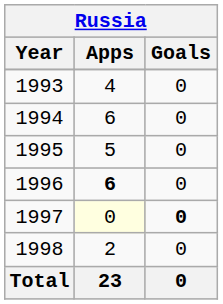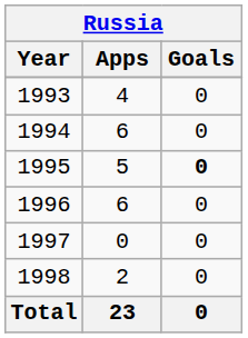 <table class="wikitable" style="text-align:center">
 <tr>
 <th colspan=3><a href='#'>Russia</a></th>
 </tr>
 <tr>
 <th>Year</th>
 <th width="40">Apps</th>
 <th width="40">Goals</th>
 </tr>
 <tr>
 </tr>
 <tr>
 <td>1993</td>
 <td>4</td>
 <td>0</td>
 </tr>
 <tr>
 <td>1994</td>
 <td>6</td>
 <td>0</td>
 </tr>
 <tr>
 <td>1995</td>
 <td>5</td>
-<td>0</td>
+<td><strong>0</strong></td>
 </tr>
 <tr>
 <td>1996</td>
-<td><strong>6</strong></td>
+<td>6</td>
 <td>0</td>
 </tr>
 <tr>
 <td>1997</td>
-<td style="background: lightyellow;">0</td>
-<td><strong>0</strong></td>
+<td>0</td>
+<td>0</td>
 </tr>
 <tr>
 <td>1998</td>
 <td>2</td>
 <td>0</td>
 </tr>
 <tr>
 <th>Total</th>
 <th>23</th>
 <th>0</th>
 </tr>
 </table>
